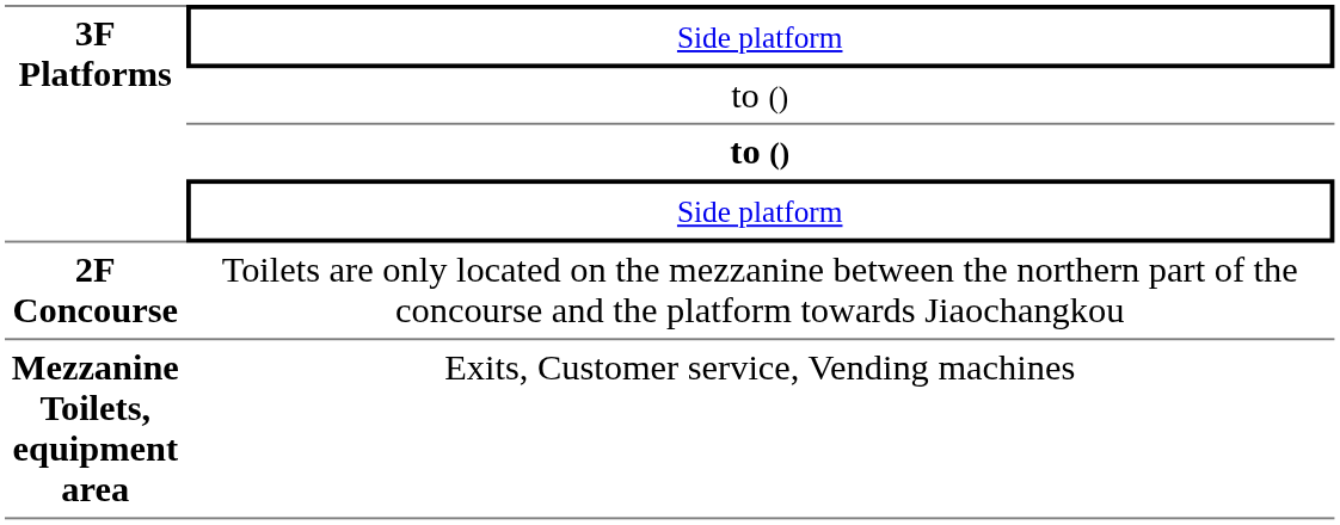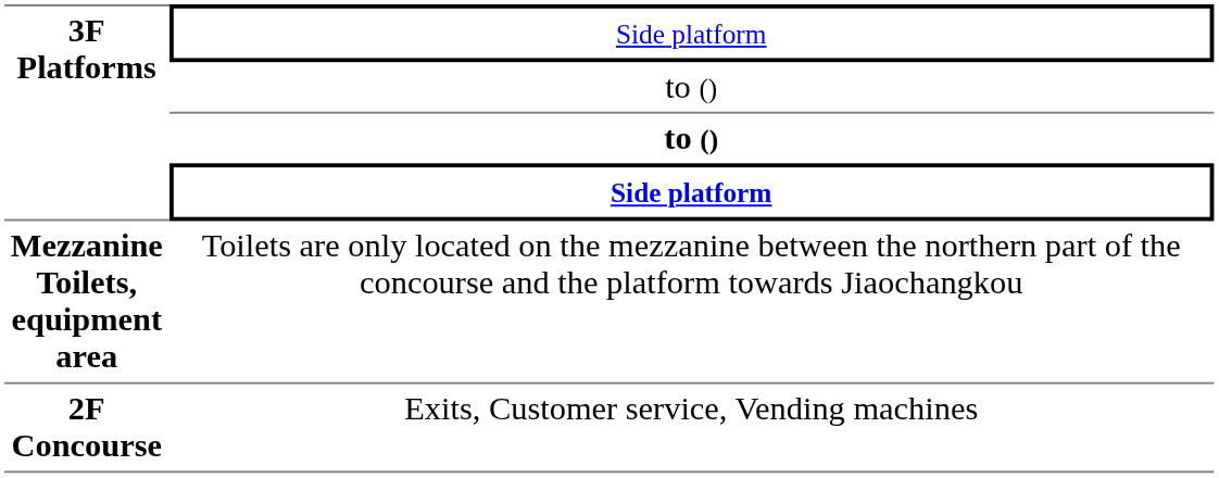 <table table border=0 cellspacing=0 cellpadding=3>
 <tr>
 <td style="border-bottom:solid 1px gray; border-top:solid 1px gray;text-align:center" rowspan="4" valign=top width=50><strong>3F<br>Platforms</strong></td>
 <td style="border-right:solid 2px black;border-left:solid 2px black;border-top:solid 2px black;border-bottom:solid 2px black;text-align:center;"><small><a href='#'>Side platform</a></small></td>
 </tr>
 <tr>
 <td style="border-bottom:solid 1px gray;text-align:center;">  to  <small>()</small></td>
 </tr>
 <tr>
 <td style="border-bottom:solid 0px gray;text-align:center;"><strong> to  <small>()</small> </strong></td>
 </tr>
 <tr>
-<td style="border-right:solid 2px black;border-left:solid 2px black;border-top:solid 2px black;border-bottom:solid 2px black;text-align:center;"><small><a href='#'>Side platform</a></small></td>
+<td style="border-right:solid 2px black;border-left:solid 2px black;border-top:solid 2px black;border-bottom:solid 2px black;text-align:center;"><strong><small><a href='#'>Side platform</a></small></strong></td>
+</tr>
+<tr>
+<td style="border-bottom:solid 1px gray; border-top:solid 0px gray;text-align:center" valign=top><strong>Mezzanine<br>Toilets, equipment area</strong></td>
+<td style="border-bottom:solid 1px gray; border-top:solid 0px gray;text-align:center;" valign=top width=500>Toilets are only located on the mezzanine between the northern part of the concourse and the platform towards Jiaochangkou</td>
 </tr>
 <tr>
 <td style="border-bottom:solid 1px gray; border-top:solid 0px gray;text-align:center" valign=top><strong>2F<br>Concourse</strong></td>
-<td style="border-bottom:solid 1px gray; border-top:solid 0px gray;text-align:center;" valign=top width=500>Toilets are only located on the mezzanine between the northern part of the concourse and the platform towards Jiaochangkou</td>
-</tr>
-<tr>
-<td style="border-bottom:solid 1px gray; border-top:solid 0px gray;text-align:center" valign=top><strong>Mezzanine<br>Toilets, equipment area</strong></td>
 <td style="border-bottom:solid 1px gray; border-top:solid 0px gray;text-align:center" valign=top width=500>Exits, Customer service, Vending machines</td>
 </tr>
 </table>
